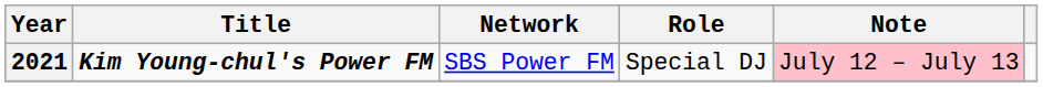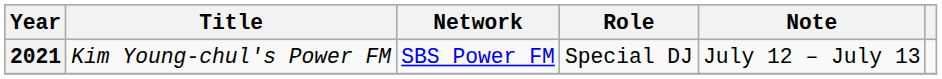 <table class="wikitable plainrowheaders sortable nowrap">
 <tr>
 <th scope="col">Year</th>
 <th scope="col">Title</th>
 <th scope="col">Network</th>
 <th scope="col">Role</th>
 <th scope="col">Note</th>
 <th scope="col" class="unsortable"></th>
 </tr>
 <tr>
 <th scope="row">2021</th>
-<td><strong><em>Kim Young-chul's Power FM</em></strong></td>
+<td><em>Kim Young-chul's Power FM</em></td>
 <td><a href='#'>SBS Power FM</a></td>
 <td>Special DJ</td>
-<td style="background: pink;">July 12 – July 13</td>
+<td>July 12 – July 13</td>
 <td></td>
 </tr>
 <tr>
 </tr>
 </table>
